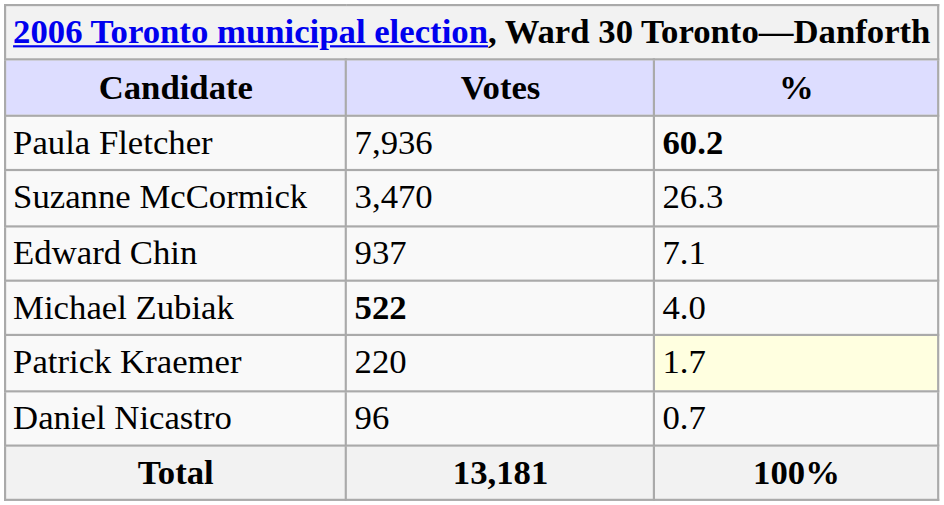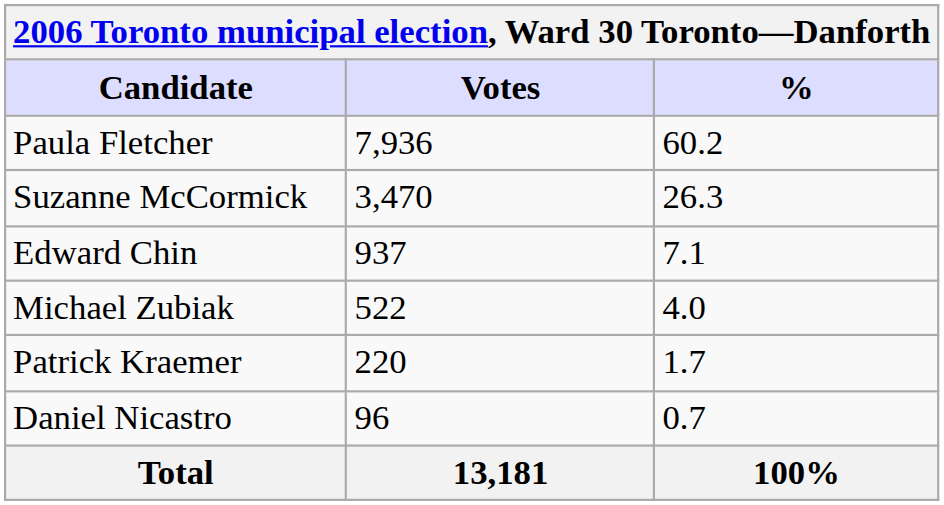 <table class="wikitable">
 <tr>
 <th colspan="3"><a href='#'>2006 Toronto municipal election</a>, Ward 30 Toronto—Danforth</th>
 </tr>
 <tr>
 <th style="background:#ddf; width:150px;">Candidate</th>
 <th style="background:#ddf;">Votes</th>
 <th style="background:#ddf;">%</th>
 </tr>
 <tr>
 <td>Paula Fletcher</td>
 <td>7,936</td>
-<td><strong>60.2</strong></td>
+<td>60.2</td>
 </tr>
 <tr>
 <td>Suzanne McCormick</td>
 <td>3,470</td>
 <td>26.3</td>
 </tr>
 <tr>
 <td>Edward Chin</td>
 <td>937</td>
 <td>7.1</td>
 </tr>
 <tr>
 <td>Michael Zubiak</td>
-<td><strong>522</strong></td>
+<td>522</td>
 <td>4.0</td>
 </tr>
 <tr>
 <td>Patrick Kraemer</td>
 <td>220</td>
-<td style="background: lightyellow;">1.7</td>
+<td>1.7</td>
 </tr>
 <tr>
 <td>Daniel Nicastro</td>
 <td>96</td>
 <td>0.7</td>
 </tr>
 <tr>
 <th>Total</th>
 <th>13,181</th>
 <th>100%</th>
 </tr>
 </table>
